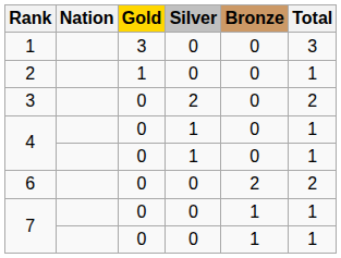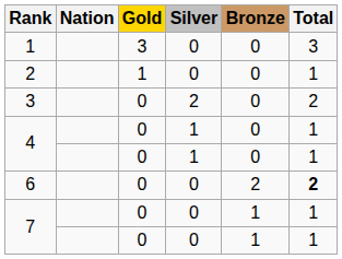 <table class="wikitable sortable" style="text-align:center">
 <tr>
 <th>Rank</th>
 <th>Nation</th>
 <th style="background-color:gold">Gold</th>
 <th style="background-color:silver">Silver</th>
 <th style="background-color:#cc9966">Bronze</th>
 <th>Total</th>
 </tr>
 <tr>
 <td>1</td>
 <td align=left></td>
 <td>3</td>
 <td>0</td>
 <td>0</td>
 <td>3</td>
 </tr>
 <tr>
 <td>2</td>
 <td align=left></td>
 <td>1</td>
 <td>0</td>
 <td>0</td>
 <td>1</td>
 </tr>
 <tr>
 <td>3</td>
 <td align=left></td>
 <td>0</td>
 <td>2</td>
 <td>0</td>
 <td>2</td>
 </tr>
 <tr>
 <td rowspan=2>4</td>
 <td align=left></td>
 <td>0</td>
 <td>1</td>
 <td>0</td>
 <td>1</td>
 </tr>
 <tr>
 <td align=left></td>
 <td>0</td>
 <td>1</td>
 <td>0</td>
 <td>1</td>
 </tr>
 <tr>
 <td>6</td>
 <td align=left></td>
 <td>0</td>
 <td>0</td>
 <td>2</td>
-<td>2</td>
+<td><strong>2</strong></td>
 </tr>
 <tr>
 <td rowspan=2>7</td>
 <td align=left></td>
 <td>0</td>
 <td>0</td>
 <td>1</td>
 <td>1</td>
 </tr>
 <tr>
 <td align=left></td>
 <td>0</td>
 <td>0</td>
 <td>1</td>
 <td>1</td>
 </tr>
 </table>
